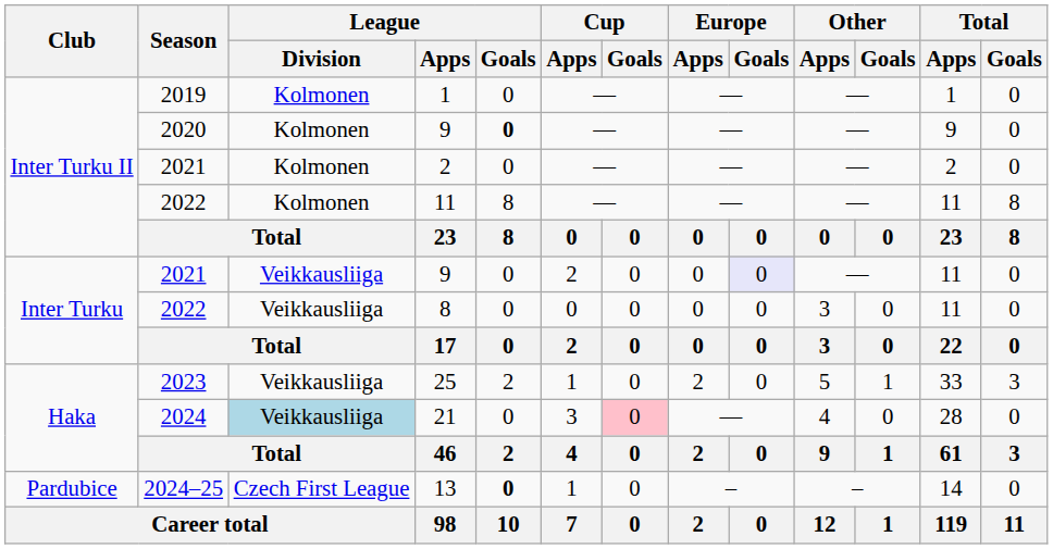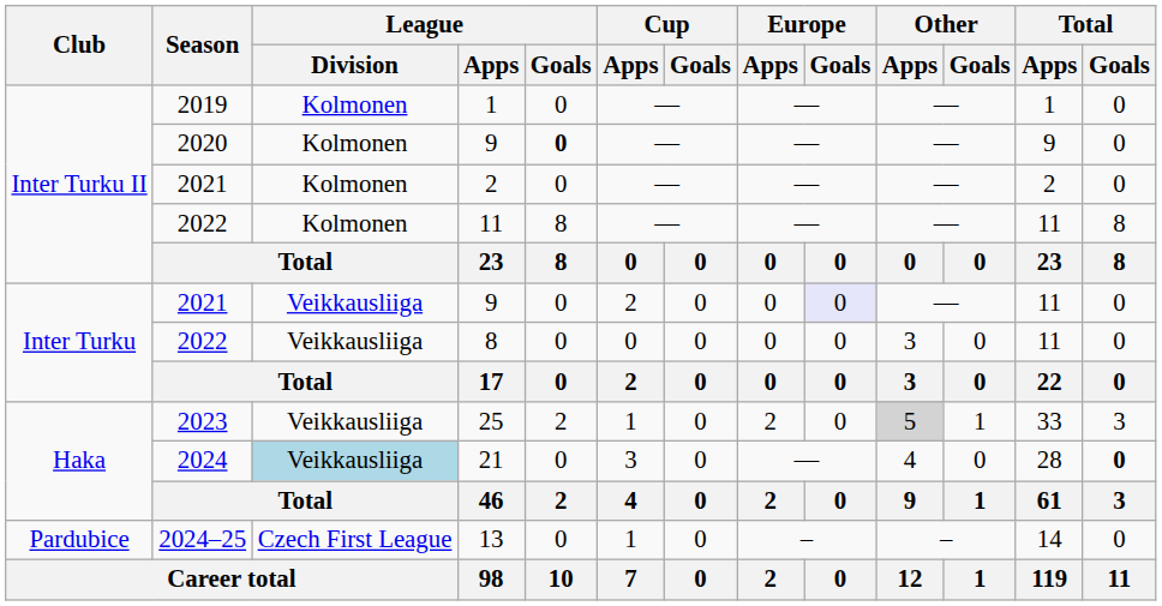 <table class="wikitable" style="text-align:center">
 <tr>
 <th rowspan="2">Club</th>
 <th rowspan="2">Season</th>
 <th colspan="3">League</th>
 <th colspan="2">Cup</th>
 <th colspan="2">Europe</th>
 <th colspan="2">Other</th>
 <th colspan="2">Total</th>
 </tr>
 <tr>
 <th>Division</th>
 <th>Apps</th>
 <th>Goals</th>
 <th>Apps</th>
 <th>Goals</th>
 <th>Apps</th>
 <th>Goals</th>
 <th>Apps</th>
 <th>Goals</th>
 <th>Apps</th>
 <th>Goals</th>
 </tr>
 <tr>
 <td rowspan="5"><a href='#'>Inter Turku II</a></td>
 <td>2019</td>
 <td><a href='#'>Kolmonen</a></td>
 <td>1</td>
 <td>0</td>
 <td colspan="2">—</td>
 <td colspan="2">—</td>
 <td colspan="2">—</td>
 <td>1</td>
 <td>0</td>
 </tr>
 <tr>
 <td>2020</td>
 <td>Kolmonen</td>
 <td>9</td>
 <td><strong>0</strong></td>
 <td colspan="2">—</td>
 <td colspan="2">—</td>
 <td colspan="2">—</td>
 <td>9</td>
 <td>0</td>
 </tr>
 <tr>
 <td>2021</td>
 <td>Kolmonen</td>
 <td>2</td>
 <td>0</td>
 <td colspan="2">—</td>
 <td colspan="2">—</td>
 <td colspan="2">—</td>
 <td>2</td>
 <td>0</td>
 </tr>
 <tr>
 <td>2022</td>
 <td>Kolmonen</td>
 <td>11</td>
 <td>8</td>
 <td colspan="2">—</td>
 <td colspan="2">—</td>
 <td colspan="2">—</td>
 <td>11</td>
 <td>8</td>
 </tr>
 <tr>
 <th colspan="2">Total</th>
 <th>23</th>
 <th>8</th>
 <th>0</th>
 <th>0</th>
 <th>0</th>
 <th>0</th>
 <th>0</th>
 <th>0</th>
 <th>23</th>
 <th>8</th>
 </tr>
 <tr>
 <td rowspan="3"><a href='#'>Inter Turku</a></td>
 <td><a href='#'>2021</a></td>
 <td><a href='#'>Veikkausliiga</a></td>
 <td>9</td>
 <td>0</td>
 <td>2</td>
 <td>0</td>
 <td>0</td>
 <td style="background: lavender;">0</td>
 <td colspan="2">—</td>
 <td>11</td>
 <td>0</td>
 </tr>
 <tr>
 <td><a href='#'>2022</a></td>
 <td>Veikkausliiga</td>
 <td>8</td>
 <td>0</td>
 <td>0</td>
 <td>0</td>
 <td>0</td>
 <td>0</td>
 <td>3</td>
 <td>0</td>
 <td>11</td>
 <td>0</td>
 </tr>
 <tr>
 <th colspan="2">Total</th>
 <th>17</th>
 <th>0</th>
 <th>2</th>
 <th>0</th>
 <th>0</th>
 <th>0</th>
 <th>3</th>
 <th>0</th>
 <th>22</th>
 <th>0</th>
 </tr>
 <tr>
 <td rowspan="3"><a href='#'>Haka</a></td>
 <td><a href='#'>2023</a></td>
 <td>Veikkausliiga</td>
 <td>25</td>
 <td>2</td>
 <td>1</td>
 <td>0</td>
 <td>2</td>
 <td>0</td>
-<td>5</td>
+<td style="background: lightgrey;">5</td>
 <td>1</td>
 <td>33</td>
 <td>3</td>
 </tr>
 <tr>
 <td><a href='#'>2024</a></td>
 <td style="background: lightblue;">Veikkausliiga</td>
 <td>21</td>
 <td>0</td>
 <td>3</td>
-<td style="background: pink;">0</td>
+<td>0</td>
 <td colspan="2">—</td>
 <td>4</td>
 <td>0</td>
 <td>28</td>
-<td>0</td>
+<td><strong>0</strong></td>
 </tr>
 <tr>
 <th colspan="2">Total</th>
 <th>46</th>
 <th>2</th>
 <th>4</th>
 <th>0</th>
 <th>2</th>
 <th>0</th>
 <th>9</th>
 <th>1</th>
 <th>61</th>
 <th>3</th>
 </tr>
 <tr>
 <td><a href='#'>Pardubice</a></td>
 <td><a href='#'>2024–25</a></td>
 <td><a href='#'>Czech First League</a></td>
 <td>13</td>
-<td><strong>0</strong></td>
+<td>0</td>
 <td>1</td>
 <td>0</td>
 <td colspan=2>–</td>
 <td colspan=2>–</td>
 <td>14</td>
 <td>0</td>
 </tr>
 <tr>
 <th colspan="3">Career total</th>
 <th>98</th>
 <th>10</th>
 <th>7</th>
 <th>0</th>
 <th>2</th>
 <th>0</th>
 <th>12</th>
 <th>1</th>
 <th>119</th>
 <th>11</th>
 </tr>
 </table>
